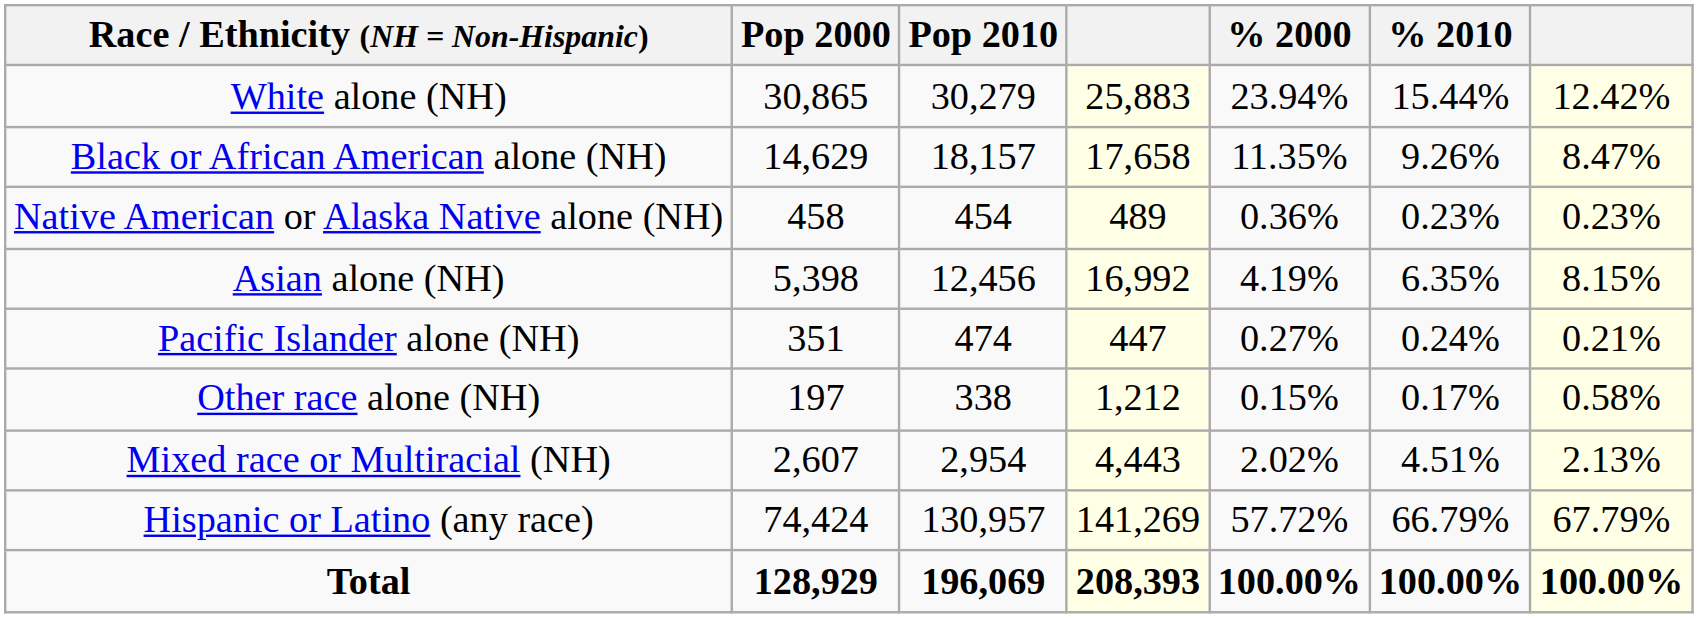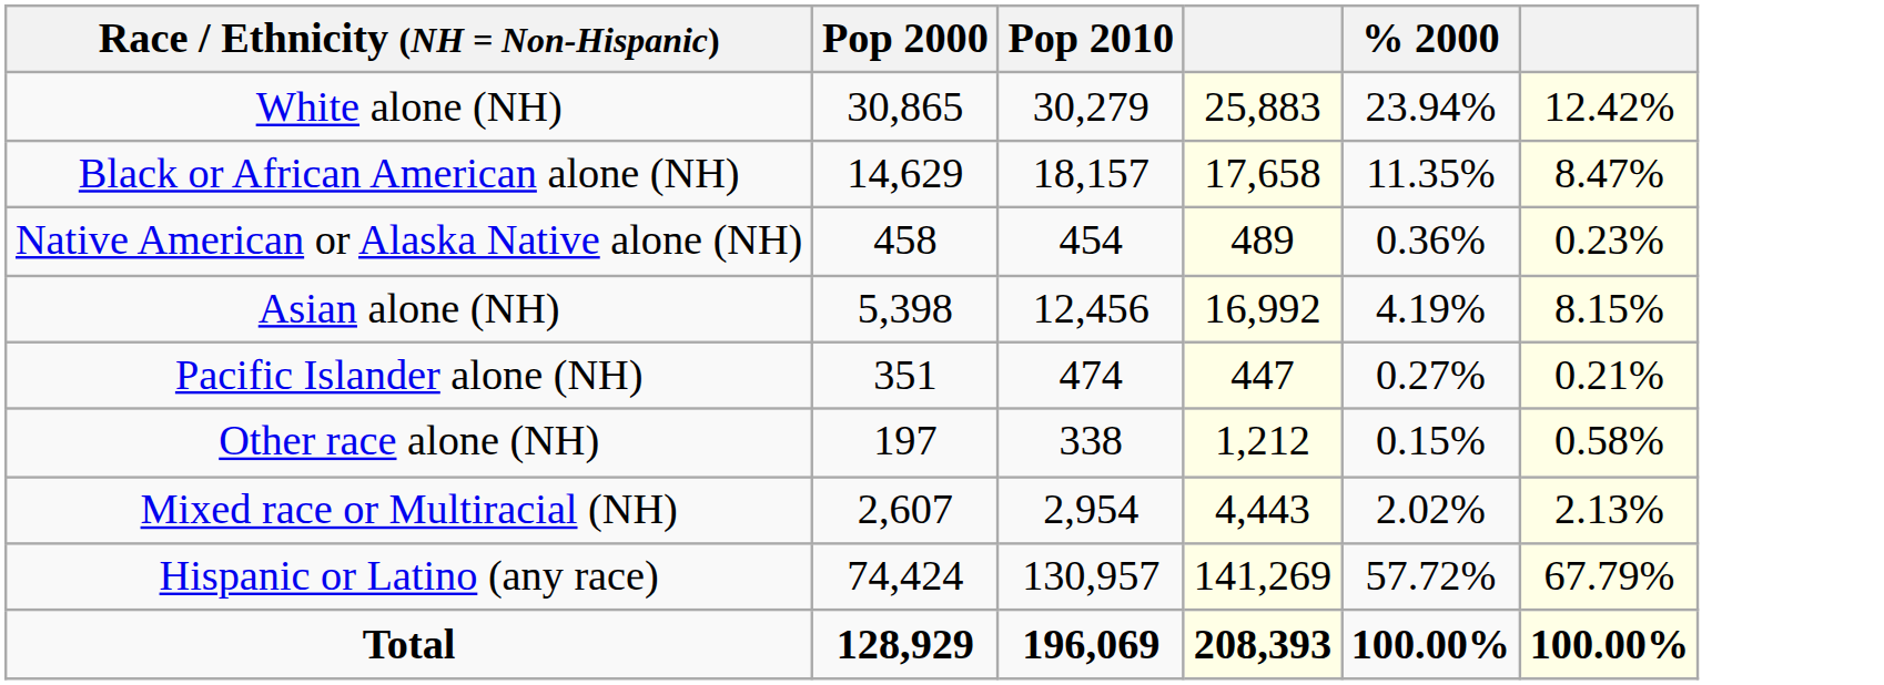 <table class="wikitable" style="text-align:center;">
 <tr>
 <th>Race / Ethnicity <small>(<em>NH = Non-Hispanic</em>)</small></th>
 <th>Pop 2000</th>
 <th>Pop 2010</th>
 <th></th>
 <th>% 2000</th>
-<th>% 2010</th>
 <th></th>
 </tr>
 <tr>
 <td><a href='#'>White</a> alone (NH)</td>
 <td>30,865</td>
 <td>30,279</td>
 <td style='background: #ffffe6;'>25,883</td>
 <td>23.94%</td>
-<td>15.44%</td>
 <td style='background: #ffffe6;'>12.42%</td>
 </tr>
 <tr>
 <td><a href='#'>Black or African American</a> alone (NH)</td>
 <td>14,629</td>
 <td>18,157</td>
 <td style='background: #ffffe6;'>17,658</td>
 <td>11.35%</td>
-<td>9.26%</td>
 <td style='background: #ffffe6;'>8.47%</td>
 </tr>
 <tr>
 <td><a href='#'>Native American</a> or <a href='#'>Alaska Native</a> alone (NH)</td>
 <td>458</td>
 <td>454</td>
 <td style='background: #ffffe6;'>489</td>
 <td>0.36%</td>
-<td>0.23%</td>
 <td style='background: #ffffe6;'>0.23%</td>
 </tr>
 <tr>
 <td><a href='#'>Asian</a> alone (NH)</td>
 <td>5,398</td>
 <td>12,456</td>
 <td style='background: #ffffe6;'>16,992</td>
 <td>4.19%</td>
-<td>6.35%</td>
 <td style='background: #ffffe6;'>8.15%</td>
 </tr>
 <tr>
 <td><a href='#'>Pacific Islander</a> alone (NH)</td>
 <td>351</td>
 <td>474</td>
 <td style='background: #ffffe6;'>447</td>
 <td>0.27%</td>
-<td>0.24%</td>
 <td style='background: #ffffe6;'>0.21%</td>
 </tr>
 <tr>
 <td><a href='#'>Other race</a> alone (NH)</td>
 <td>197</td>
 <td>338</td>
 <td style='background: #ffffe6;'>1,212</td>
 <td>0.15%</td>
-<td>0.17%</td>
 <td style='background: #ffffe6;'>0.58%</td>
 </tr>
 <tr>
 <td><a href='#'>Mixed race or Multiracial</a> (NH)</td>
 <td>2,607</td>
 <td>2,954</td>
 <td style='background: #ffffe6;'>4,443</td>
 <td>2.02%</td>
-<td>4.51%</td>
 <td style='background: #ffffe6;'>2.13%</td>
 </tr>
 <tr>
 <td><a href='#'>Hispanic or Latino</a> (any race)</td>
 <td>74,424</td>
 <td>130,957</td>
 <td style='background: #ffffe6;'>141,269</td>
 <td>57.72%</td>
-<td>66.79%</td>
 <td style='background: #ffffe6;'>67.79%</td>
 </tr>
 <tr>
 <td><strong>Total</strong></td>
 <td><strong>128,929</strong></td>
 <td><strong>196,069</strong></td>
 <td style='background: #ffffe6;'><strong>208,393</strong></td>
 <td><strong>100.00%</strong></td>
-<td><strong>100.00%</strong></td>
 <td style='background: #ffffe6;'><strong>100.00%</strong></td>
 </tr>
 </table>
